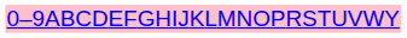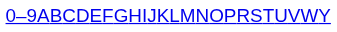 <table id="toc" class="toc" summary="Class">
 <tr>
 <th></th>
 </tr>
 <tr>
-<td style="background: pink; text-align:center;"><a href='#'>0–9</a><a href='#'>A</a><a href='#'>B</a><a href='#'>C</a><a href='#'>D</a><a href='#'>E</a><a href='#'>F</a><a href='#'>G</a><a href='#'>H</a><a href='#'>I</a><a href='#'>J</a><a href='#'>K</a><a href='#'>L</a><a href='#'>M</a><a href='#'>N</a><a href='#'>O</a><a href='#'>P</a><a href='#'>R</a><a href='#'>S</a><a href='#'>T</a><a href='#'>U</a><a href='#'>V</a><a href='#'>W</a><a href='#'>Y</a></td>
+<td style="text-align:center;"><a href='#'>0–9</a><a href='#'>A</a><a href='#'>B</a><a href='#'>C</a><a href='#'>D</a><a href='#'>E</a><a href='#'>F</a><a href='#'>G</a><a href='#'>H</a><a href='#'>I</a><a href='#'>J</a><a href='#'>K</a><a href='#'>L</a><a href='#'>M</a><a href='#'>N</a><a href='#'>O</a><a href='#'>P</a><a href='#'>R</a><a href='#'>S</a><a href='#'>T</a><a href='#'>U</a><a href='#'>V</a><a href='#'>W</a><a href='#'>Y</a></td>
 </tr>
 </table>
